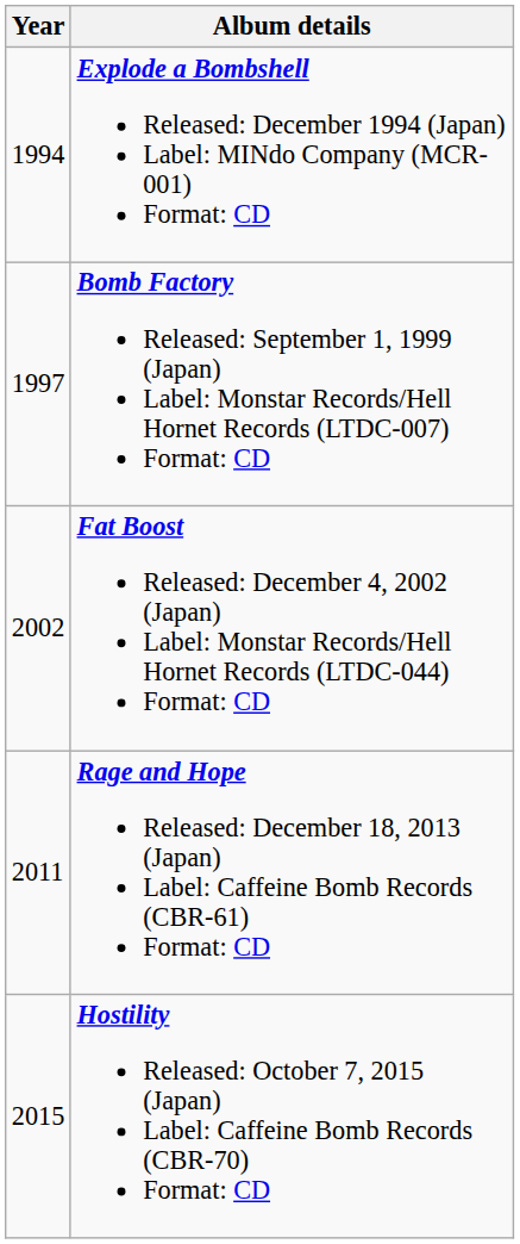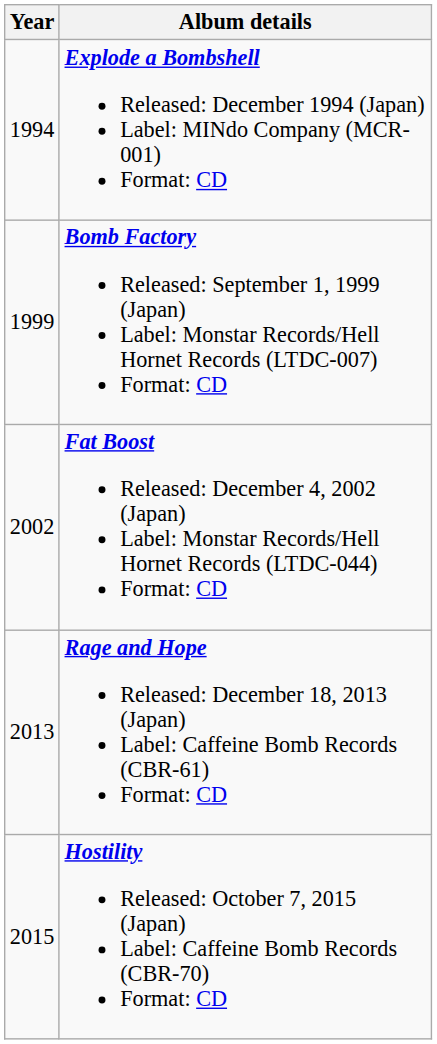 <table class="wikitable" border="1">
 <tr>
 <th>Year</th>
 <th width="260">Album details</th>
 </tr>
 <tr>
 <td>1994</td>
 <td><strong><em><a href='#'>Explode a Bombshell</a></em></strong><br><ul><li>Released: December 1994 (Japan)</li><li>Label: MINdo Company (MCR-001)</li><li>Format: <a href='#'>CD</a></li></ul></td>
 </tr>
 <tr>
-<td>1997</td>
+<td>1999</td>
 <td><strong><em><a href='#'>Bomb Factory</a></em></strong><br><ul><li>Released: September 1, 1999 (Japan)</li><li>Label: Monstar Records/Hell Hornet Records (LTDC-007)</li><li>Format: <a href='#'>CD</a></li></ul></td>
 </tr>
 <tr>
 <td>2002</td>
 <td><strong><em><a href='#'>Fat Boost</a></em></strong><br><ul><li>Released: December 4, 2002 (Japan)</li><li>Label: Monstar Records/Hell Hornet Records (LTDC-044)</li><li>Format: <a href='#'>CD</a></li></ul></td>
 </tr>
 <tr>
-<td>2011</td>
+<td>2013</td>
 <td><strong><em><a href='#'>Rage and Hope</a></em></strong><br><ul><li>Released: December 18, 2013 (Japan)</li><li>Label: Caffeine Bomb Records (CBR-61)</li><li>Format: <a href='#'>CD</a></li></ul></td>
 </tr>
 <tr>
 <td>2015</td>
 <td><strong><em><a href='#'>Hostility</a></em></strong><br><ul><li>Released: October 7, 2015 (Japan)</li><li>Label: Caffeine Bomb Records (CBR-70)</li><li>Format: <a href='#'>CD</a></li></ul></td>
 </tr>
 </table>
